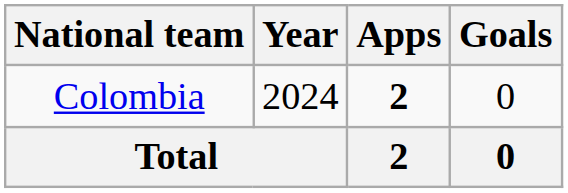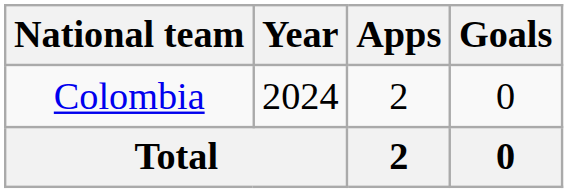 <table class=wikitable style=text-align:center>
 <tr>
 <th>National team</th>
 <th>Year</th>
 <th>Apps</th>
 <th>Goals</th>
 </tr>
 <tr>
 <td rowspan="1"><a href='#'>Colombia</a></td>
 <td>2024</td>
-<td><strong>2</strong></td>
+<td>2</td>
 <td>0</td>
 </tr>
 <tr>
 <th colspan="2">Total</th>
 <th>2</th>
 <th>0</th>
 </tr>
 </table>
